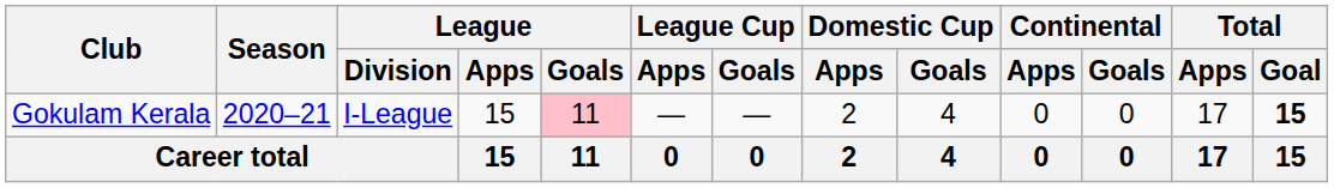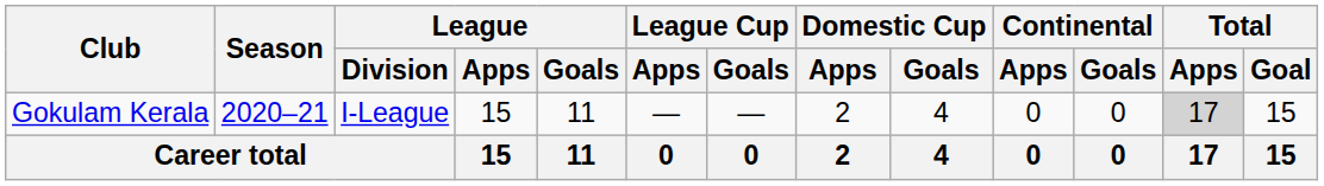 <table class="wikitable" style="text-align: center;">
 <tr>
 <th rowspan="2">Club</th>
 <th rowspan="2">Season</th>
 <th colspan="3">League</th>
 <th colspan="2">League Cup</th>
 <th colspan="2">Domestic Cup</th>
 <th colspan="2">Continental</th>
 <th colspan="2">Total</th>
 </tr>
 <tr>
 <th>Division</th>
 <th>Apps</th>
 <th>Goals</th>
 <th>Apps</th>
 <th>Goals</th>
 <th>Apps</th>
 <th>Goals</th>
 <th>Apps</th>
 <th>Goals</th>
 <th>Apps</th>
 <th>Goal</th>
 </tr>
 <tr>
 <td rowspan="1"><a href='#'>Gokulam Kerala</a></td>
 <td><a href='#'>2020–21</a></td>
 <td><a href='#'>I-League</a></td>
 <td>15</td>
-<td style="background: pink;">11</td>
+<td>11</td>
 <td>—</td>
 <td>—</td>
 <td>2</td>
 <td>4</td>
 <td>0</td>
 <td>0</td>
-<td>17</td>
-<td><strong>15</strong></td>
+<td style="background: lightgrey;">17</td>
+<td>15</td>
 </tr>
 <tr>
 <th colspan="3">Career total</th>
 <th>15</th>
 <th>11</th>
 <th>0</th>
 <th>0</th>
 <th>2</th>
 <th>4</th>
 <th>0</th>
 <th>0</th>
 <th>17</th>
 <th>15</th>
 </tr>
 </table>
